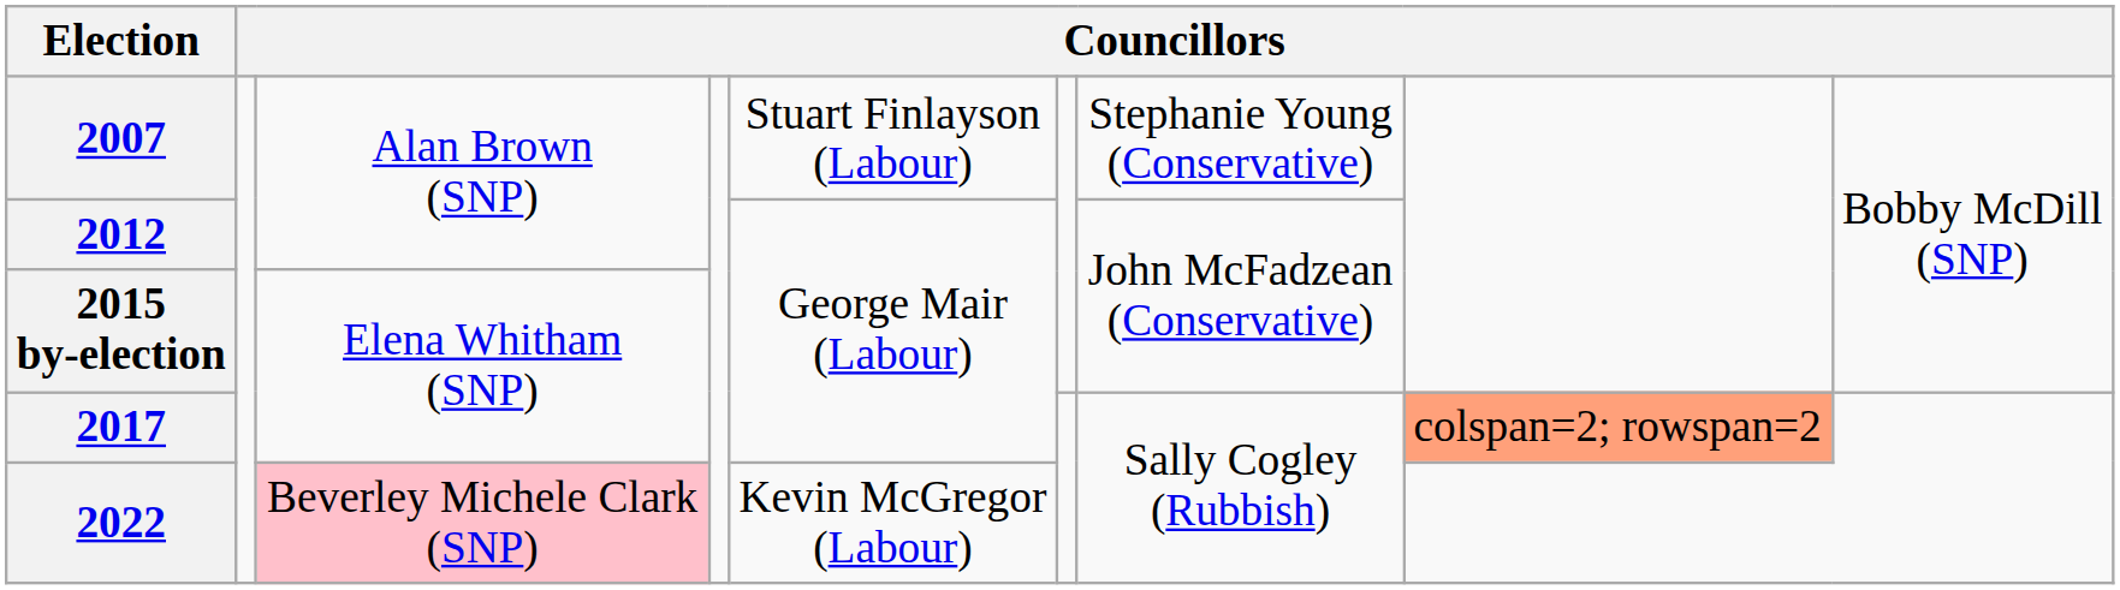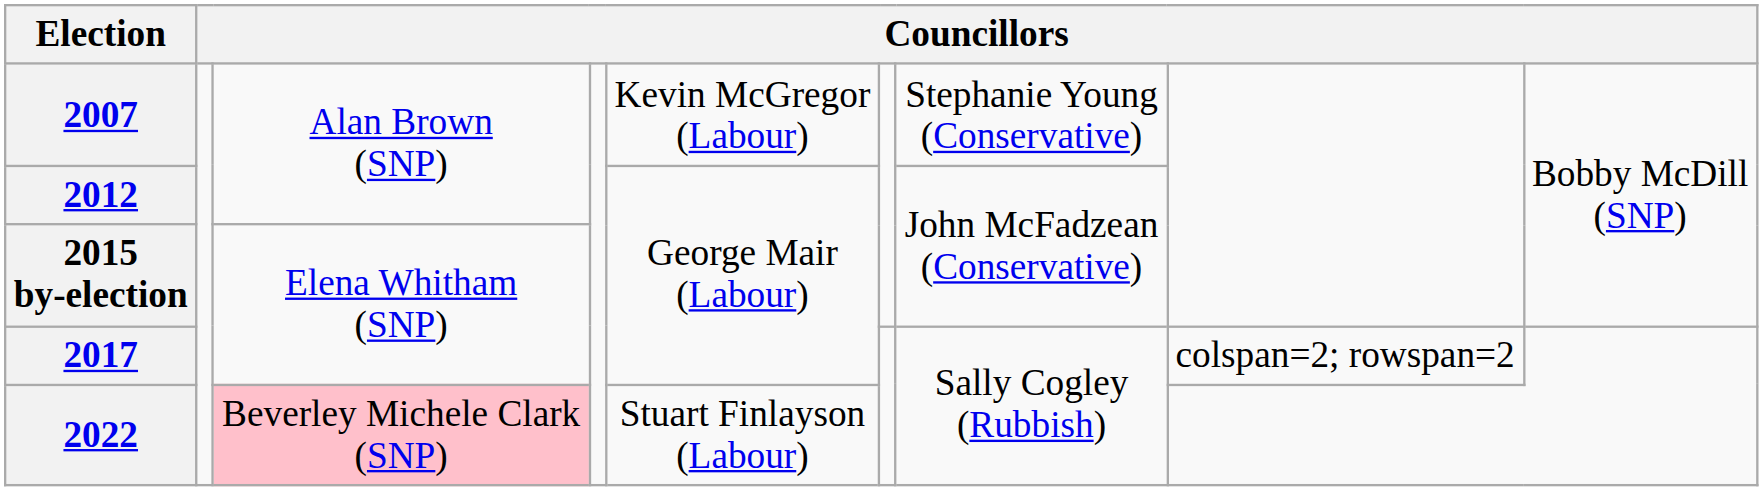 <table class="wikitable" style="text-align:center">
 <tr>
 <th>Election</th>
 <th colspan=8>Councillors</th>
 </tr>
 <tr>
 <th><a href='#'>2007</a></th>
 <td rowspan=5; style="background-color: "></td>
 <td rowspan=2><a href='#'>Alan Brown</a><br>(<a href='#'>SNP</a>)</td>
 <td rowspan=5; style="background-color: "></td>
-<td rowspan=1>Stuart Finlayson<br>(<a href='#'>Labour</a>)</td>
+<td rowspan=1>Kevin McGregor<br>(<a href='#'>Labour</a>)</td>
 <td rowspan=3; style="background-color: "></td>
 <td rowspan=1>Stephanie Young<br>(<a href='#'>Conservative</a>)</td>
 <td rowspan=3; style="background-color: "></td>
 <td rowspan=3>Bobby McDill<br>(<a href='#'>SNP</a>)</td>
 </tr>
 <tr>
 <th><a href='#'>2012</a></th>
 <td rowspan=3>George Mair<br>(<a href='#'>Labour</a>)</td>
 <td rowspan=2>John McFadzean<br>(<a href='#'>Conservative</a>)</td>
 </tr>
 <tr>
 <th>2015<br>by-election</th>
 <td rowspan=2><a href='#'>Elena Whitham</a><br>(<a href='#'>SNP</a>)</td>
 </tr>
 <tr>
 <th><a href='#'>2017</a></th>
 <td rowspan=2; style="background-color: "></td>
 <td rowspan=2>Sally Cogley<br>(<a href='#'>Rubbish</a>)</td>
-<td style="background: lightsalmon;">colspan=2; rowspan=2 </td>
+<td>colspan=2; rowspan=2 </td>
 </tr>
 <tr>
 <th><a href='#'>2022</a></th>
 <td rowspan=1 style="background: pink;">Beverley Michele Clark<br>(<a href='#'>SNP</a>)</td>
-<td rowspan=1>Kevin McGregor<br>(<a href='#'>Labour</a>)</td>
+<td rowspan=1>Stuart Finlayson<br>(<a href='#'>Labour</a>)</td>
 </tr>
 </table>
